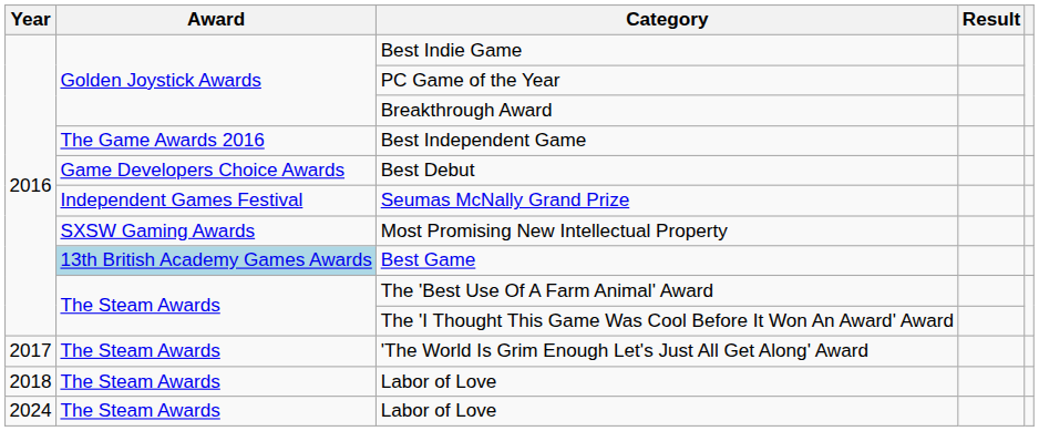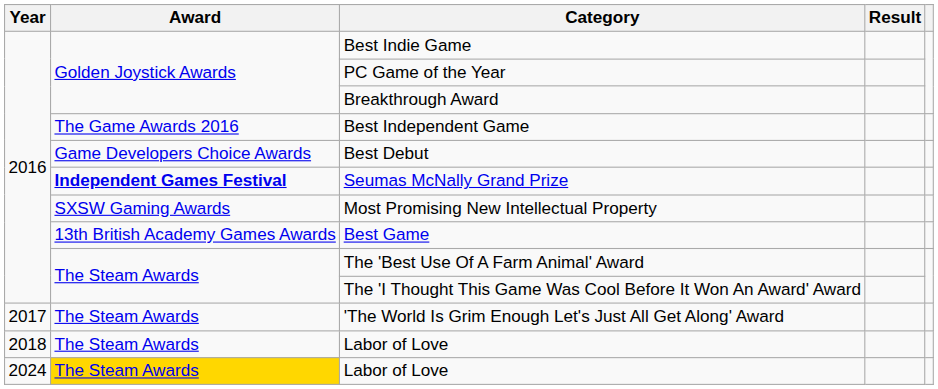 <table class="wikitable sortable">
 <tr>
 <th>Year</th>
 <th>Award</th>
 <th>Category</th>
 <th>Result</th>
 <th></th>
 </tr>
 <tr>
 <td rowspan="10" style="text-align:center;">2016</td>
 <td rowspan="3"><a href='#'>Golden Joystick Awards</a></td>
 <td>Best Indie Game</td>
 <td></td>
 <td rowspan="3"></td>
 </tr>
 <tr>
 <td>PC Game of the Year</td>
 <td></td>
 </tr>
 <tr>
 <td>Breakthrough Award</td>
 <td></td>
 </tr>
 <tr>
 <td><a href='#'>The Game Awards 2016</a></td>
 <td>Best Independent Game</td>
 <td></td>
 <td></td>
 </tr>
 <tr>
 <td><a href='#'>Game Developers Choice Awards</a></td>
 <td>Best Debut</td>
 <td></td>
 <td></td>
 </tr>
 <tr>
-<td><a href='#'>Independent Games Festival</a></td>
+<td><strong><a href='#'>Independent Games Festival</a></strong></td>
 <td><a href='#'>Seumas McNally Grand Prize</a></td>
 <td></td>
 <td></td>
 </tr>
 <tr>
 <td><a href='#'>SXSW Gaming Awards</a></td>
 <td>Most Promising New Intellectual Property</td>
 <td></td>
 <td></td>
 </tr>
 <tr>
-<td style="background: lightblue;"><a href='#'>13th British Academy Games Awards</a></td>
+<td><a href='#'>13th British Academy Games Awards</a></td>
 <td><a href='#'>Best Game</a></td>
 <td></td>
 <td></td>
 </tr>
 <tr>
 <td rowspan="2"><a href='#'>The Steam Awards</a></td>
 <td>The 'Best Use Of A Farm Animal' Award</td>
 <td></td>
 <td rowspan="2"></td>
 </tr>
 <tr>
 <td>The 'I Thought This Game Was Cool Before It Won An Award' Award</td>
 <td></td>
 </tr>
 <tr>
 <td style="text-align:center;">2017</td>
 <td><a href='#'>The Steam Awards</a></td>
 <td>'The World Is Grim Enough Let's Just All Get Along' Award</td>
 <td></td>
 <td></td>
 </tr>
 <tr>
 <td style="text-align:center;">2018</td>
 <td><a href='#'>The Steam Awards</a></td>
 <td>Labor of Love</td>
 <td></td>
 <td></td>
 </tr>
 <tr>
 <td style="text-align:center;">2024</td>
-<td><a href='#'>The Steam Awards</a></td>
+<td style="background: gold;"><a href='#'>The Steam Awards</a></td>
 <td>Labor of Love</td>
 <td></td>
 <td></td>
 </tr>
 </table>
